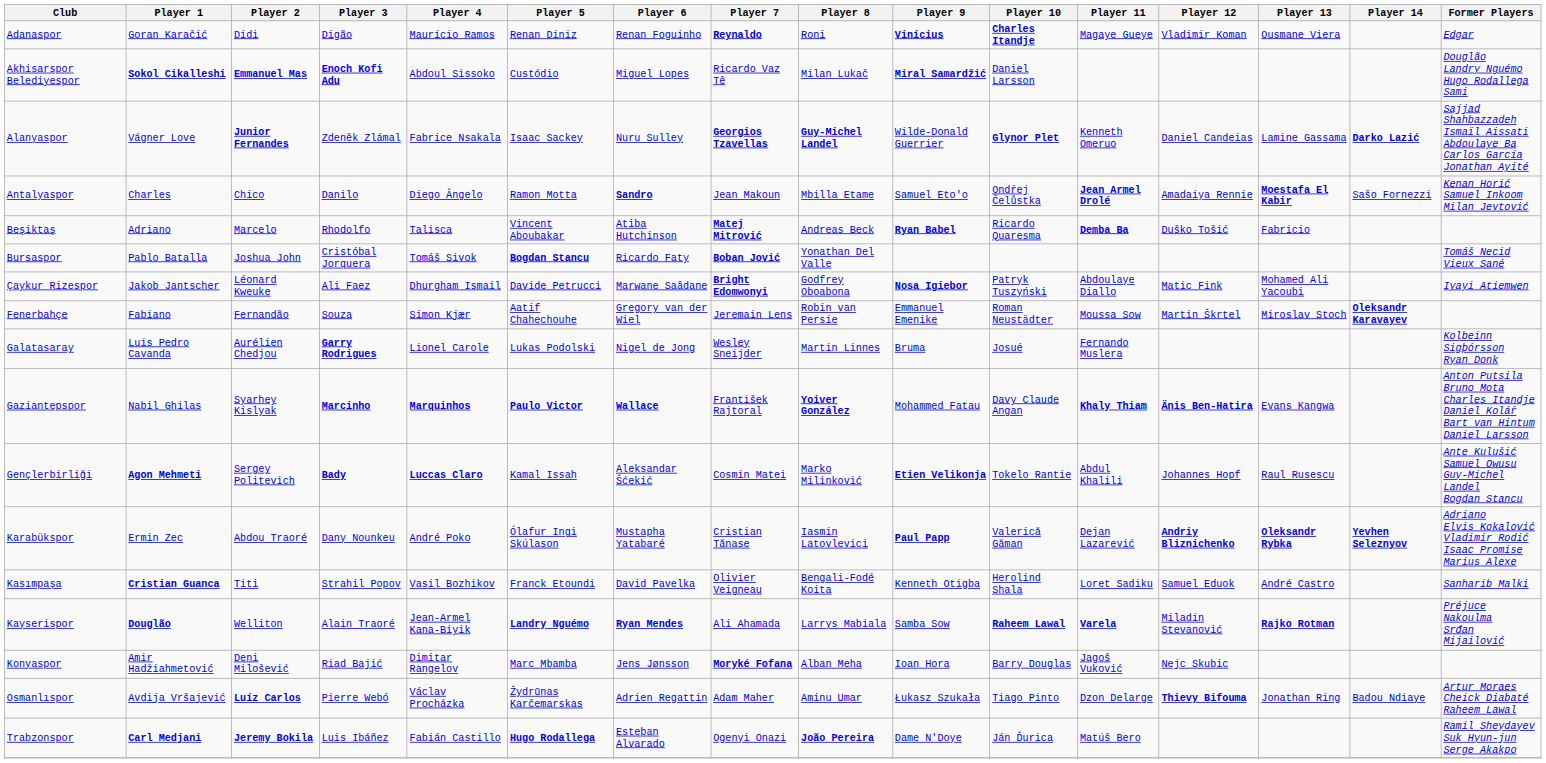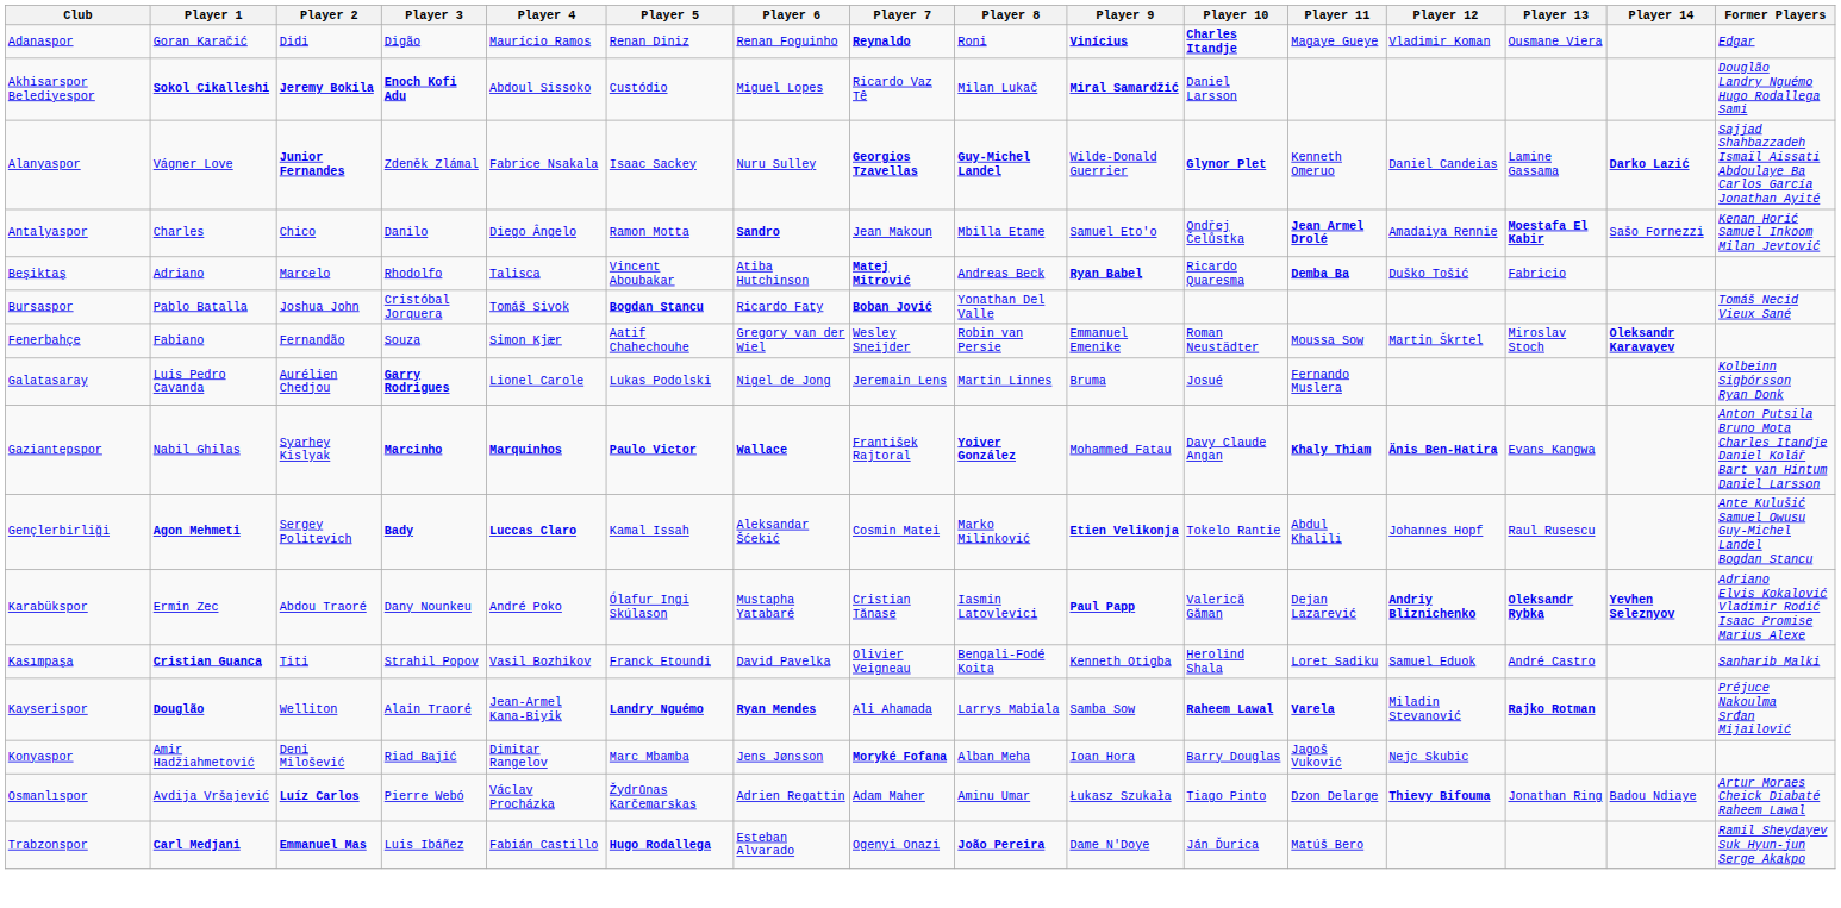 <table class="wikitable">
 <tr>
 <th>Club</th>
 <th>Player 1</th>
 <th>Player 2</th>
 <th>Player 3</th>
 <th>Player 4</th>
 <th>Player 5</th>
 <th>Player 6</th>
 <th>Player 7</th>
 <th>Player 8</th>
 <th>Player 9</th>
 <th>Player 10</th>
 <th>Player 11</th>
 <th>Player 12</th>
 <th>Player 13</th>
 <th>Player 14</th>
 <th>Former Players</th>
 </tr>
 <tr>
 <td><a href='#'>Adanaspor</a></td>
 <td> <a href='#'>Goran Karačić</a></td>
 <td> <a href='#'>Didi</a></td>
 <td> <a href='#'>Digão</a></td>
 <td> <a href='#'>Maurício Ramos</a></td>
 <td> <a href='#'>Renan Diniz</a></td>
 <td> <a href='#'>Renan Foguinho</a></td>
 <td> <strong><a href='#'>Reynaldo</a></strong></td>
 <td> <a href='#'>Roni</a></td>
 <td> <strong><a href='#'>Vinícius</a></strong></td>
 <td> <strong><a href='#'>Charles Itandje</a></strong></td>
 <td> <a href='#'>Magaye Gueye</a></td>
 <td> <a href='#'>Vladimir Koman</a></td>
 <td> <a href='#'>Ousmane Viera</a></td>
 <td></td>
 <td> <em><a href='#'>Edgar</a></em></td>
 </tr>
 <tr>
 <td><a href='#'>Akhisarspor Belediyespor</a></td>
 <td> <strong><a href='#'>Sokol Cikalleshi</a></strong></td>
-<td> <strong><a href='#'>Emmanuel Mas</a></strong></td>
+<td> <strong><a href='#'>Jeremy Bokila</a></strong></td>
 <td> <strong><a href='#'>Enoch Kofi Adu</a></strong></td>
 <td> <a href='#'>Abdoul Sissoko</a></td>
 <td> <a href='#'>Custódio</a></td>
 <td> <a href='#'>Miguel Lopes</a></td>
 <td> <a href='#'>Ricardo Vaz Tê</a></td>
 <td> <a href='#'>Milan Lukač</a></td>
 <td> <strong><a href='#'>Miral Samardžić</a></strong></td>
 <td> <a href='#'>Daniel Larsson</a></td>
 <td></td>
 <td></td>
 <td></td>
 <td></td>
 <td> <em><a href='#'>Douglão</a></em> <br>  <em><a href='#'>Landry Nguémo</a></em> <br>  <em><a href='#'>Hugo Rodallega</a></em> <br>  <em><a href='#'>Sami</a></em></td>
 </tr>
 <tr>
 <td><a href='#'>Alanyaspor</a></td>
 <td> <a href='#'>Vágner Love</a></td>
 <td> <strong><a href='#'>Junior Fernandes</a></strong></td>
 <td> <a href='#'>Zdeněk Zlámal</a></td>
 <td> <a href='#'>Fabrice Nsakala</a></td>
 <td> <a href='#'>Isaac Sackey</a></td>
 <td> <a href='#'>Nuru Sulley</a></td>
 <td> <strong><a href='#'>Georgios Tzavellas</a></strong></td>
 <td> <strong><a href='#'>Guy-Michel Landel</a></strong></td>
 <td> <a href='#'>Wilde-Donald Guerrier</a></td>
 <td> <strong><a href='#'>Glynor Plet</a></strong></td>
 <td> <a href='#'>Kenneth Omeruo</a></td>
 <td> <a href='#'>Daniel Candeias</a></td>
 <td> <a href='#'>Lamine Gassama</a></td>
 <td> <strong><a href='#'>Darko Lazić</a></strong></td>
 <td> <em><a href='#'>Sajjad Shahbazzadeh</a></em> <br>  <em><a href='#'>Ismaïl Aissati</a></em> <br>  <em><a href='#'>Abdoulaye Ba</a></em> <br>  <em><a href='#'>Carlos García</a></em> <br>  <em><a href='#'>Jonathan Ayité</a></em></td>
 </tr>
 <tr>
 <td><a href='#'>Antalyaspor</a></td>
 <td> <a href='#'>Charles</a></td>
 <td> <a href='#'>Chico</a></td>
 <td> <a href='#'>Danilo</a></td>
 <td> <a href='#'>Diego Ângelo</a></td>
 <td> <a href='#'>Ramon Motta</a></td>
 <td> <strong><a href='#'>Sandro</a></strong></td>
 <td> <a href='#'>Jean Makoun</a></td>
 <td> <a href='#'>Mbilla Etame</a></td>
 <td> <a href='#'>Samuel Eto'o</a></td>
 <td> <a href='#'>Ondřej Čelůstka</a></td>
 <td> <strong><a href='#'>Jean Armel Drolé</a></strong></td>
 <td> <a href='#'>Amadaiya Rennie</a></td>
 <td> <strong><a href='#'>Moestafa El Kabir</a></strong></td>
 <td> <a href='#'>Sašo Fornezzi</a></td>
 <td> <em><a href='#'>Kenan Horić</a></em> <br>  <em><a href='#'>Samuel Inkoom</a></em> <br>  <em><a href='#'>Milan Jevtović</a></em></td>
 </tr>
 <tr>
 <td><a href='#'>Beşiktaş</a></td>
 <td> <a href='#'>Adriano</a></td>
 <td> <a href='#'>Marcelo</a></td>
 <td> <a href='#'>Rhodolfo</a></td>
 <td> <a href='#'>Talisca</a></td>
 <td> <a href='#'>Vincent Aboubakar</a></td>
 <td> <a href='#'>Atiba Hutchinson</a></td>
 <td> <strong><a href='#'>Matej Mitrović</a></strong></td>
 <td> <a href='#'>Andreas Beck</a></td>
 <td> <strong><a href='#'>Ryan Babel</a></strong></td>
 <td> <a href='#'>Ricardo Quaresma</a></td>
 <td> <strong><a href='#'>Demba Ba</a></strong></td>
 <td> <a href='#'>Duško Tošić</a></td>
 <td> <a href='#'>Fabricio</a></td>
 <td></td>
 <td></td>
 </tr>
 <tr>
 <td><a href='#'>Bursaspor</a></td>
 <td> <a href='#'>Pablo Batalla</a></td>
 <td> <a href='#'>Joshua John</a></td>
 <td> <a href='#'>Cristóbal Jorquera</a></td>
 <td> <a href='#'>Tomáš Sivok</a></td>
 <td> <strong><a href='#'>Bogdan Stancu</a></strong></td>
 <td> <a href='#'>Ricardo Faty</a></td>
 <td> <strong><a href='#'>Boban Jović</a></strong></td>
 <td> <a href='#'>Yonathan Del Valle</a></td>
 <td></td>
 <td></td>
 <td></td>
 <td></td>
 <td></td>
 <td></td>
 <td> <em><a href='#'>Tomáš Necid</a></em> <br>  <em><a href='#'>Vieux Sané</a></em></td>
 </tr>
 <tr>
-<td><a href='#'>Çaykur Rizespor</a></td>
-<td> <a href='#'>Jakob Jantscher</a></td>
-<td> <a href='#'>Léonard Kweuke</a></td>
-<td> <a href='#'>Ali Faez</a></td>
-<td> <a href='#'>Dhurgham Ismail</a></td>
-<td> <a href='#'>Davide Petrucci</a></td>
-<td> <a href='#'>Marwane Saâdane</a></td>
-<td> <strong><a href='#'>Bright Edomwonyi</a></strong></td>
-<td> <a href='#'>Godfrey Oboabona</a></td>
-<td> <strong><a href='#'>Nosa Igiebor</a></strong></td>
-<td> <a href='#'>Patryk Tuszyński</a></td>
-<td> <a href='#'>Abdoulaye Diallo</a></td>
-<td> <a href='#'>Matic Fink</a></td>
-<td> <a href='#'>Mohamed Ali Yacoubi</a></td>
-<td></td>
-<td> <em><a href='#'>Iyayi Atiemwen</a></em></td>
-</tr>
-<tr>
 <td><a href='#'>Fenerbahçe</a></td>
 <td> <a href='#'>Fabiano</a></td>
 <td> <a href='#'>Fernandão</a></td>
 <td> <a href='#'>Souza</a></td>
 <td> <a href='#'>Simon Kjær</a></td>
 <td> <a href='#'>Aatif Chahechouhe</a></td>
 <td> <a href='#'>Gregory van der Wiel</a></td>
-<td> <a href='#'>Jeremain Lens</a></td>
+<td> <a href='#'>Wesley Sneijder</a></td>
 <td> <a href='#'>Robin van Persie</a></td>
 <td> <a href='#'>Emmanuel Emenike</a></td>
 <td> <a href='#'>Roman Neustädter</a></td>
 <td> <a href='#'>Moussa Sow</a></td>
 <td> <a href='#'>Martin Škrtel</a></td>
 <td> <a href='#'>Miroslav Stoch</a></td>
 <td> <strong><a href='#'>Oleksandr Karavayev</a></strong></td>
 <td></td>
 </tr>
 <tr>
 <td><a href='#'>Galatasaray</a></td>
 <td> <a href='#'>Luis Pedro Cavanda</a></td>
 <td> <a href='#'>Aurélien Chedjou</a></td>
 <td> <strong><a href='#'>Garry Rodrigues</a></strong></td>
 <td> <a href='#'>Lionel Carole</a></td>
 <td> <a href='#'>Lukas Podolski</a></td>
 <td> <a href='#'>Nigel de Jong</a></td>
-<td> <a href='#'>Wesley Sneijder</a></td>
+<td> <a href='#'>Jeremain Lens</a></td>
 <td> <a href='#'>Martin Linnes</a></td>
 <td> <a href='#'>Bruma</a></td>
 <td> <a href='#'>Josué</a></td>
 <td> <a href='#'>Fernando Muslera</a></td>
 <td></td>
 <td></td>
 <td></td>
 <td> <em><a href='#'>Kolbeinn Sigþórsson</a></em> <br>  <em><a href='#'>Ryan Donk</a></em></td>
 </tr>
 <tr>
 <td><a href='#'>Gaziantepspor</a></td>
 <td> <a href='#'>Nabil Ghilas</a></td>
 <td> <a href='#'>Syarhey Kislyak</a></td>
 <td> <strong><a href='#'>Marcinho</a></strong></td>
 <td> <strong><a href='#'>Marquinhos</a></strong></td>
 <td> <strong><a href='#'>Paulo Victor</a></strong></td>
 <td> <strong><a href='#'>Wallace</a></strong></td>
 <td> <a href='#'>František Rajtoral</a></td>
 <td> <strong><a href='#'>Yoiver González</a></strong></td>
 <td> <a href='#'>Mohammed Fatau</a></td>
 <td> <a href='#'>Davy Claude Angan</a></td>
 <td> <strong><a href='#'>Khaly Thiam</a></strong></td>
 <td> <strong><a href='#'>Änis Ben-Hatira</a></strong></td>
 <td> <a href='#'>Evans Kangwa</a></td>
 <td></td>
 <td> <em><a href='#'>Anton Putsila</a></em> <br>  <em><a href='#'>Bruno Mota</a></em> <br>  <em><a href='#'>Charles Itandje</a></em> <br>  <em><a href='#'>Daniel Kolář</a></em> <br>  <em><a href='#'>Bart van Hintum</a></em> <br>  <em><a href='#'>Daniel Larsson</a></em></td>
 </tr>
 <tr>
 <td><a href='#'>Gençlerbirliği</a></td>
 <td> <strong><a href='#'>Agon Mehmeti</a></strong></td>
 <td> <a href='#'>Sergey Politevich</a></td>
 <td> <strong><a href='#'>Bady</a></strong></td>
 <td> <strong><a href='#'>Luccas Claro</a></strong></td>
 <td> <a href='#'>Kamal Issah</a></td>
 <td> <a href='#'>Aleksandar Šćekić</a></td>
 <td> <a href='#'>Cosmin Matei</a></td>
 <td> <a href='#'>Marko Milinković</a></td>
 <td> <strong><a href='#'>Etien Velikonja</a></strong></td>
 <td> <a href='#'>Tokelo Rantie</a></td>
 <td> <a href='#'>Abdul Khalili</a></td>
 <td> <a href='#'>Johannes Hopf</a></td>
 <td> <a href='#'>Raul Rusescu</a></td>
 <td></td>
 <td> <em><a href='#'>Ante Kulušić</a></em> <br>  <em><a href='#'>Samuel Owusu</a></em> <br>  <em><a href='#'>Guy-Michel Landel</a></em> <br>  <em><a href='#'>Bogdan Stancu</a></em></td>
 </tr>
 <tr>
 <td><a href='#'>Karabükspor</a></td>
 <td> <a href='#'>Ermin Zec</a></td>
 <td> <a href='#'>Abdou Traoré</a></td>
 <td> <a href='#'>Dany Nounkeu</a></td>
 <td> <a href='#'>André Poko</a></td>
 <td> <a href='#'>Ólafur Ingi Skúlason</a></td>
 <td> <a href='#'>Mustapha Yatabaré</a></td>
 <td> <a href='#'>Cristian Tănase</a></td>
 <td> <a href='#'>Iasmin Latovlevici</a></td>
 <td> <strong><a href='#'>Paul Papp</a></strong></td>
 <td> <a href='#'>Valerică Găman</a></td>
 <td> <a href='#'>Dejan Lazarević</a></td>
 <td> <strong><a href='#'>Andriy Bliznichenko</a></strong></td>
 <td> <strong><a href='#'>Oleksandr Rybka</a></strong></td>
 <td> <strong><a href='#'>Yevhen Seleznyov</a></strong></td>
 <td> <em><a href='#'>Adriano</a></em> <br>  <em><a href='#'>Elvis Kokalović</a></em> <br>  <em><a href='#'>Vladimir Rodić</a></em> <br>  <em><a href='#'>Isaac Promise</a></em> <br>  <em><a href='#'>Marius Alexe</a></em></td>
 </tr>
 <tr>
 <td><a href='#'>Kasımpaşa</a></td>
 <td> <strong><a href='#'>Cristian Guanca</a></strong></td>
 <td> <a href='#'>Titi</a></td>
 <td> <a href='#'>Strahil Popov</a></td>
 <td> <a href='#'>Vasil Bozhikov</a></td>
 <td> <a href='#'>Franck Etoundi</a></td>
 <td> <a href='#'>David Pavelka</a></td>
 <td> <a href='#'>Olivier Veigneau</a></td>
 <td> <a href='#'>Bengali-Fodé Koita</a></td>
 <td> <a href='#'>Kenneth Otigba</a></td>
 <td> <a href='#'>Herolind Shala</a></td>
 <td> <a href='#'>Loret Sadiku</a></td>
 <td> <a href='#'>Samuel Eduok</a></td>
 <td> <a href='#'>André Castro</a></td>
 <td></td>
 <td> <em><a href='#'>Sanharib Malki</a></em></td>
 </tr>
 <tr>
 <td><a href='#'>Kayserispor</a></td>
 <td> <strong><a href='#'>Douglão</a></strong></td>
 <td> <a href='#'>Welliton</a></td>
 <td> <a href='#'>Alain Traoré</a></td>
 <td> <a href='#'>Jean-Armel Kana-Biyik</a></td>
 <td> <strong><a href='#'>Landry Nguémo</a></strong></td>
 <td> <strong><a href='#'>Ryan Mendes</a></strong></td>
 <td> <a href='#'>Ali Ahamada</a></td>
 <td> <a href='#'>Larrys Mabiala</a></td>
 <td> <a href='#'>Samba Sow</a></td>
 <td> <strong><a href='#'>Raheem Lawal</a></strong></td>
 <td> <strong><a href='#'>Varela</a></strong></td>
 <td> <a href='#'>Miladin Stevanović</a></td>
 <td> <strong><a href='#'>Rajko Rotman</a></strong></td>
 <td></td>
 <td> <em><a href='#'>Préjuce Nakoulma</a></em> <br>  <em><a href='#'>Srđan Mijailović</a></em></td>
 </tr>
 <tr>
 <td><a href='#'>Konyaspor</a></td>
 <td> <a href='#'>Amir Hadžiahmetović</a></td>
 <td> <a href='#'>Deni Milošević</a></td>
 <td> <a href='#'>Riad Bajić</a></td>
 <td> <a href='#'>Dimitar Rangelov</a></td>
 <td> <a href='#'>Marc Mbamba</a></td>
 <td> <a href='#'>Jens Jønsson</a></td>
 <td> <strong><a href='#'>Moryké Fofana</a></strong></td>
 <td> <a href='#'>Alban Meha</a></td>
 <td> <a href='#'>Ioan Hora</a></td>
 <td> <a href='#'>Barry Douglas</a></td>
 <td> <a href='#'>Jagoš Vuković</a></td>
 <td> <a href='#'>Nejc Skubic</a></td>
 <td></td>
 <td></td>
 <td></td>
 </tr>
 <tr>
 <td><a href='#'>Osmanlıspor</a></td>
 <td> <a href='#'>Avdija Vršajević</a></td>
 <td> <strong><a href='#'>Luíz Carlos</a></strong></td>
 <td> <a href='#'>Pierre Webó</a></td>
 <td> <a href='#'>Václav Procházka</a></td>
 <td> <a href='#'>Žydrūnas Karčemarskas</a></td>
 <td> <a href='#'>Adrien Regattin</a></td>
 <td> <a href='#'>Adam Maher</a></td>
 <td> <a href='#'>Aminu Umar</a></td>
 <td> <a href='#'>Łukasz Szukała</a></td>
 <td> <a href='#'>Tiago Pinto</a></td>
 <td> <a href='#'>Dzon Delarge</a></td>
 <td> <strong><a href='#'>Thievy Bifouma</a></strong></td>
 <td> <a href='#'>Jonathan Ring</a></td>
 <td> <a href='#'>Badou Ndiaye</a></td>
 <td> <em><a href='#'>Artur Moraes</a></em> <br>  <em><a href='#'>Cheick Diabaté</a></em> <br>  <em><a href='#'>Raheem Lawal</a></em></td>
 </tr>
 <tr>
 <td><a href='#'>Trabzonspor</a></td>
 <td> <strong><a href='#'>Carl Medjani</a></strong></td>
-<td> <strong><a href='#'>Jeremy Bokila</a></strong></td>
+<td> <strong><a href='#'>Emmanuel Mas</a></strong></td>
 <td> <a href='#'>Luis Ibáñez</a></td>
 <td> <a href='#'>Fabián Castillo</a></td>
 <td> <strong><a href='#'>Hugo Rodallega</a></strong></td>
 <td> <a href='#'>Esteban Alvarado</a></td>
 <td> <a href='#'>Ogenyi Onazi</a></td>
 <td> <strong><a href='#'>João Pereira</a></strong></td>
 <td> <a href='#'>Dame N'Doye</a></td>
 <td> <a href='#'>Ján Ďurica</a></td>
 <td> <a href='#'>Matúš Bero</a></td>
 <td></td>
 <td></td>
 <td></td>
 <td> <em><a href='#'>Ramil Sheydayev</a></em> <br>  <em><a href='#'>Suk Hyun-jun</a></em> <br>  <em><a href='#'>Serge Akakpo</a></em></td>
 </tr>
 <tr>
 </tr>
 </table>
